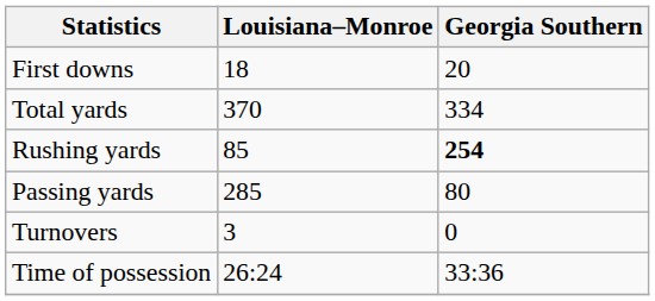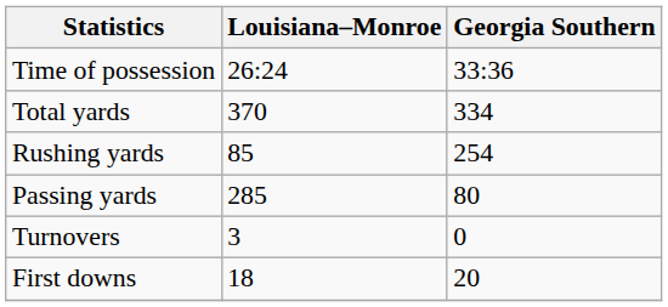 <table class="wikitable" style="float: right;">
 <tr>
 <th>Statistics</th>
 <th>Louisiana–Monroe</th>
 <th>Georgia Southern</th>
 </tr>
 <tr>
-<td>First downs</td>
-<td>18</td>
-<td>20</td>
+<td>Time of possession</td>
+<td>26:24</td>
+<td>33:36</td>
 </tr>
 <tr>
 <td>Total yards</td>
 <td>370</td>
 <td>334</td>
 </tr>
 <tr>
 <td>Rushing yards</td>
 <td>85</td>
-<td><strong>254</strong></td>
+<td>254</td>
 </tr>
 <tr>
 <td>Passing yards</td>
 <td>285</td>
 <td>80</td>
 </tr>
 <tr>
 <td>Turnovers</td>
 <td>3</td>
 <td>0</td>
 </tr>
 <tr>
-<td>Time of possession</td>
-<td>26:24</td>
-<td>33:36</td>
+<td>First downs</td>
+<td>18</td>
+<td>20</td>
 </tr>
 <tr>
 </tr>
 </table>
